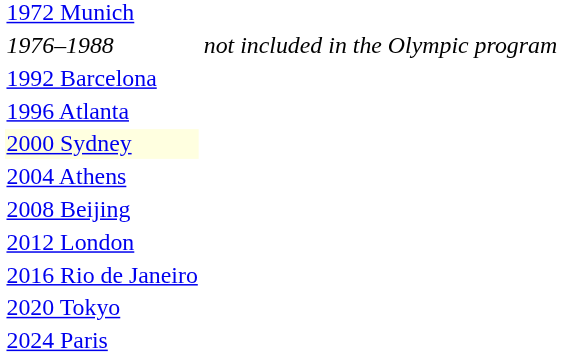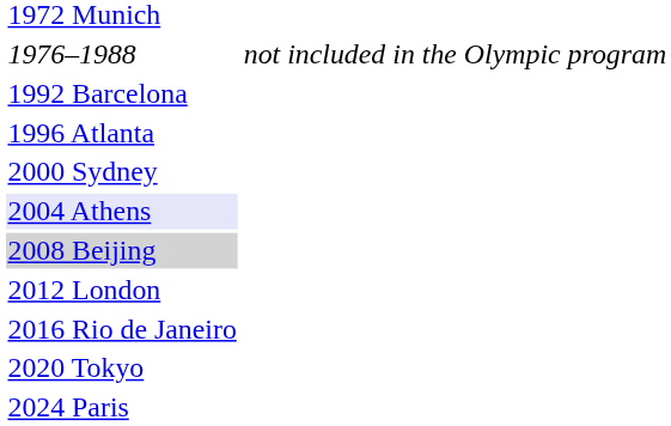 <table>
 <tr>
 <td><a href='#'>1972 Munich</a><br></td>
 <td></td>
 <td></td>
 <td></td>
 </tr>
 <tr>
 <td><em>1976–1988</em></td>
 <td colspan=3 align=center><em>not included in the Olympic program</em></td>
 </tr>
 <tr>
 <td><a href='#'>1992 Barcelona</a><br></td>
 <td></td>
 <td></td>
 <td></td>
 </tr>
 <tr>
 <td><a href='#'>1996 Atlanta</a><br></td>
 <td></td>
 <td></td>
 <td></td>
 </tr>
 <tr>
-<td style="background: lightyellow;"><a href='#'>2000 Sydney</a><br></td>
+<td><a href='#'>2000 Sydney</a><br></td>
 <td></td>
 <td></td>
 <td></td>
 </tr>
 <tr>
-<td><a href='#'>2004 Athens</a><br></td>
+<td style="background: lavender;"><a href='#'>2004 Athens</a><br></td>
 <td></td>
 <td></td>
 <td></td>
 </tr>
 <tr>
-<td><a href='#'>2008 Beijing</a><br></td>
+<td style="background: lightgrey;"><a href='#'>2008 Beijing</a><br></td>
 <td></td>
 <td></td>
 <td></td>
 </tr>
 <tr>
 <td><a href='#'>2012 London</a><br></td>
 <td></td>
 <td></td>
 <td></td>
 </tr>
 <tr>
 <td><a href='#'>2016 Rio de Janeiro</a><br></td>
 <td></td>
 <td></td>
 <td></td>
 </tr>
 <tr>
 <td><a href='#'>2020 Tokyo</a><br></td>
 <td></td>
 <td></td>
 <td></td>
 </tr>
 <tr>
 <td><a href='#'>2024 Paris</a> <br></td>
 <td></td>
 <td></td>
 <td></td>
 </tr>
 <tr>
 </tr>
 </table>
